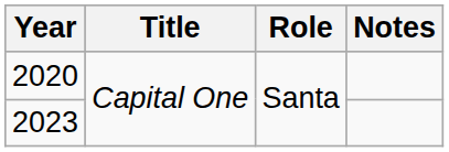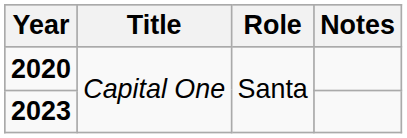 <table class="wikitable sortable plainrowheaders">
 <tr>
 <th scope="col">Year</th>
 <th scope="col">Title</th>
 <th scope="col">Role</th>
 <th scope="col" class="unsortable">Notes</th>
 </tr>
 <tr>
-<td style="text-align:center;">2020</td>
+<td style="text-align:center;"><strong>2020</strong></td>
 <td rowspan="2"><em>Capital One </em></td>
 <td rowspan="2">Santa</td>
 <td></td>
 </tr>
 <tr>
-<td style="text-align:center;">2023</td>
+<td style="text-align:center;"><strong>2023</strong></td>
 <td></td>
 </tr>
 </table>
